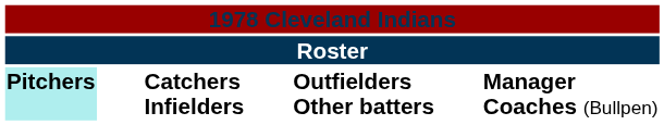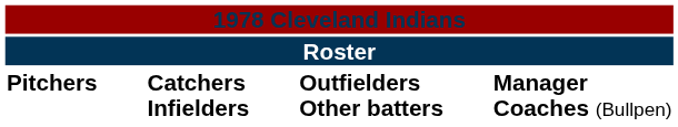 <table class="toccolours" style="font-size: 95%;">
 <tr>
 <th colspan="10" style="background-color: #990000; color: #023456; text-align: center;">1978 Cleveland Indians</th>
 </tr>
 <tr>
 <td colspan="10" style="background-color: #023456; color: white; text-align: center;"><strong>Roster</strong></td>
 </tr>
 <tr>
-<td valign="top" style="background: paleturquoise;"><strong>Pitchers</strong><br>             </td>
+<td valign="top"><strong>Pitchers</strong><br>             </td>
 <td width="25px"></td>
 <td valign="top"><strong>Catchers</strong><br>    <strong>Infielders</strong>       </td>
 <td width="25px"></td>
 <td valign="top"><strong>Outfielders</strong><br>         <strong>Other batters</strong>  </td>
 <td width="25px"></td>
 <td valign="top"><strong>Manager</strong><br> <strong>Coaches</strong>    <small>(Bullpen)</small>        </td>
 </tr>
 </table>
